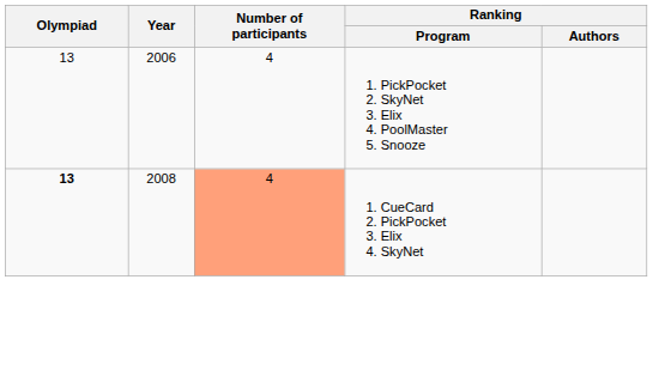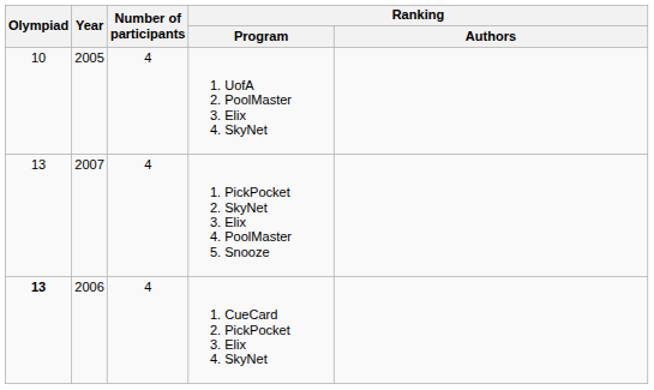 <table class="wikitable" style="width: 777px;">
 <tr align="center">
 <th rowspan=2>Olympiad</th>
 <th rowspan=2>Year</th>
 <th rowspan=2>Number of<br>participants</th>
 <th colspan=2>Ranking</th>
 </tr>
 <tr align="center">
 <th>Program</th>
 <th>Authors</th>
 </tr>
 <tr align="center" valign="top">
+<td style="width: 60px;">10</td>
+<td style="width: 30px;">2005</td>
+<td style="width: 80px;">4</td>
+<td style="width: 177px;" align="left"><br><ol><li>UofA</li><li>PoolMaster</li><li>Elix</li><li>SkyNet</li></ol></td>
+<td style="width: 430px;" align=left></td>
+</tr>
+<tr align="center" valign="top">
 <td>13</td>
-<td>2006</td>
+<td>2007</td>
 <td>4</td>
 <td align="left"><br><ol><li>PickPocket</li><li>SkyNet</li><li>Elix</li><li>PoolMaster</li><li>Snooze</li></ol></td>
 <td align=left></td>
 </tr>
 <tr align="center" valign="top">
 <td><strong>13</strong></td>
-<td>2008</td>
-<td style="background: lightsalmon;">4</td>
+<td>2006</td>
+<td>4</td>
 <td align="left"><br><ol><li>CueCard</li><li>PickPocket</li><li>Elix</li><li>SkyNet</li></ol></td>
 <td align=left></td>
 </tr>
 </table>
